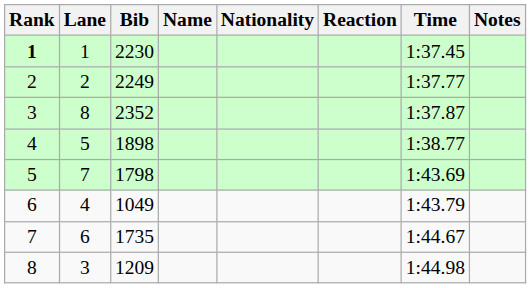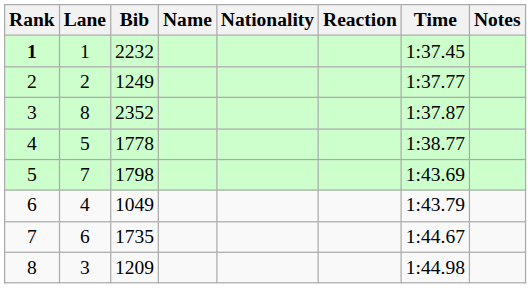 <table class="wikitable sortable" style="text-align:center">
 <tr>
 <th>Rank</th>
 <th>Lane</th>
 <th>Bib</th>
 <th>Name</th>
 <th>Nationality</th>
 <th>Reaction</th>
 <th>Time</th>
 <th>Notes</th>
 </tr>
 <tr bgcolor=ccffcc>
 <td><strong>1</strong></td>
 <td>1</td>
-<td>2230</td>
+<td>2232</td>
 <td align=left></td>
 <td align=left></td>
 <td></td>
 <td>1:37.45</td>
 <td><strong></strong></td>
 </tr>
 <tr bgcolor=ccffcc>
 <td>2</td>
 <td>2</td>
-<td>2249</td>
+<td>1249</td>
 <td align=left></td>
 <td align=left></td>
 <td></td>
 <td>1:37.77</td>
 <td><strong></strong></td>
 </tr>
 <tr bgcolor=ccffcc>
 <td>3</td>
 <td>8</td>
 <td>2352</td>
 <td align=left></td>
 <td align=left></td>
 <td></td>
 <td>1:37.87</td>
 <td><strong></strong></td>
 </tr>
 <tr bgcolor=ccffcc>
 <td>4</td>
 <td>5</td>
-<td>1898</td>
+<td>1778</td>
 <td align=left></td>
 <td align=left></td>
 <td></td>
 <td>1:38.77</td>
 <td><strong></strong></td>
 </tr>
 <tr bgcolor=ccffcc>
 <td>5</td>
 <td>7</td>
 <td>1798</td>
 <td align=left></td>
 <td align=left></td>
 <td></td>
 <td>1:43.69</td>
 <td><strong></strong></td>
 </tr>
 <tr>
 <td>6</td>
 <td>4</td>
 <td>1049</td>
 <td align=left></td>
 <td align=left></td>
 <td></td>
 <td>1:43.79</td>
 <td></td>
 </tr>
 <tr>
 <td>7</td>
 <td>6</td>
 <td>1735</td>
 <td align=left></td>
 <td align=left></td>
 <td></td>
 <td>1:44.67</td>
 <td></td>
 </tr>
 <tr>
 <td>8</td>
 <td>3</td>
 <td>1209</td>
 <td align=left></td>
 <td align=left></td>
 <td></td>
 <td>1:44.98</td>
 <td></td>
 </tr>
 </table>
